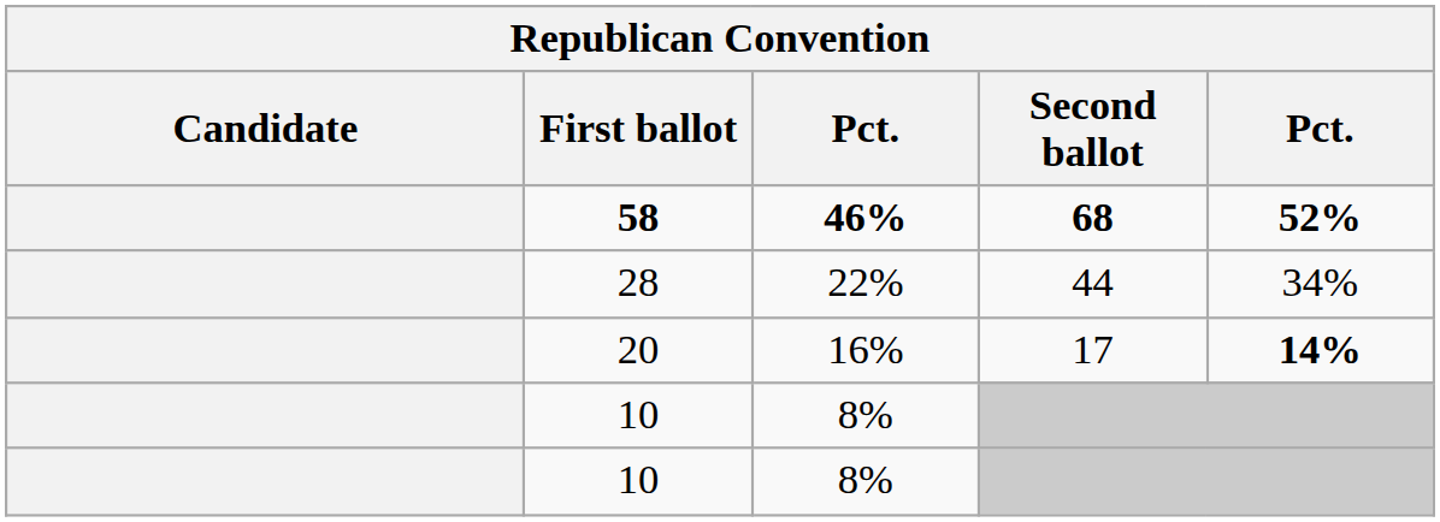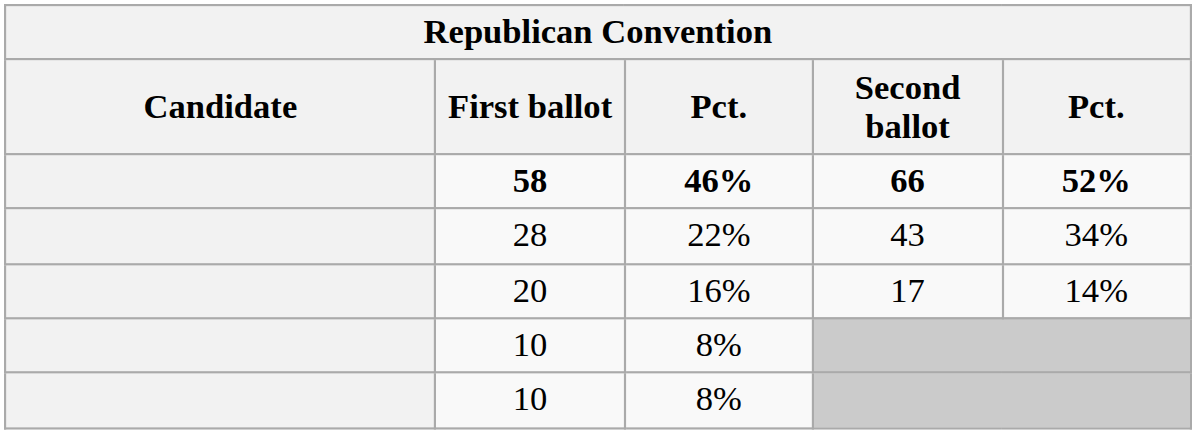 <table class="wikitable sortable plainrowheaders">
 <tr>
 <th colspan="5" >Republican Convention</th>
 </tr>
 <tr style="background:#eee; text-align:center;">
 <th scope="col" style="width: 12em">Candidate</th>
 <th scope="col"  style="width: 5em">First ballot</th>
 <th scope="col"  style="width: 5em">Pct.</th>
 <th scope="col"  style="width: 5em">Second ballot</th>
 <th scope="col"  style="width: 5em">Pct.</th>
 </tr>
 <tr>
 <th scope="row"><strong></strong></th>
 <td style="text-align:center;"><strong>58</strong></td>
 <td style="text-align:center;"><strong>46%</strong></td>
-<td style="text-align:center;"><strong>68</strong></td>
+<td style="text-align:center;"><strong>66</strong></td>
 <td style="text-align:center;"><strong>52%</strong></td>
 </tr>
 <tr>
 <th scope="row"></th>
 <td style="text-align:center;">28</td>
 <td style="text-align:center;">22%</td>
-<td style="text-align:center;">44</td>
+<td style="text-align:center;">43</td>
 <td style="text-align:center;">34%</td>
 </tr>
 <tr>
 <th scope="row"></th>
 <td style="text-align:center;">20</td>
 <td style="text-align:center;">16%</td>
 <td style="text-align:center;">17</td>
-<td style="text-align:center;"><strong>14%</strong></td>
+<td style="text-align:center;">14%</td>
 </tr>
 <tr>
 <th scope="row"></th>
 <td style="text-align:center;">10</td>
 <td style="text-align:center;">8%</td>
 <td colspan=2 style="text-align:center; background:#cbcbcb"></td>
 </tr>
 <tr>
 <th scope="row"></th>
 <td style="text-align:center;">10</td>
 <td style="text-align:center;">8%</td>
 <td colspan=2 style="text-align:center; background:#cbcbcb"></td>
 </tr>
 </table>
